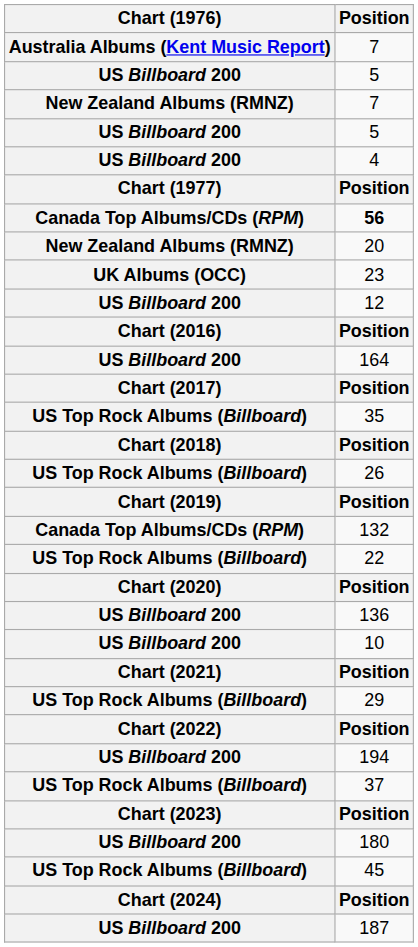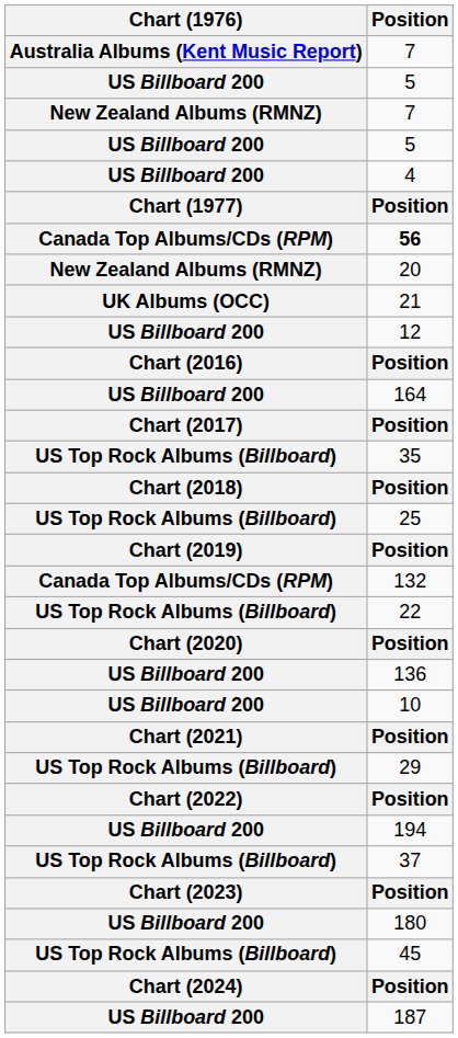 <table class="wikitable plainrowheaders" style="text-align:center">
 <tr>
 <th scope="col">Chart (1976)</th>
 <th scope="col">Position</th>
 </tr>
 <tr>
 <th scope="row">Australia Albums (<a href='#'>Kent Music Report</a>)</th>
 <td>7</td>
 </tr>
 <tr>
 <th scope="row">US <em>Billboard</em> 200</th>
 <td>5</td>
 </tr>
 <tr>
 <th scope="row">New Zealand Albums (RMNZ)</th>
 <td>7</td>
 </tr>
 <tr>
 <th scope="row">US <em>Billboard</em> 200</th>
 <td>5</td>
 </tr>
 <tr>
 <th scope="row">US <em>Billboard</em> 200</th>
 <td>4</td>
 </tr>
 <tr>
 <th>Chart (1977)</th>
 <th>Position</th>
 </tr>
 <tr>
 <th scope="row">Canada Top Albums/CDs (<em>RPM</em>)</th>
 <td><strong>56</strong></td>
 </tr>
 <tr>
 <th scope="row">New Zealand Albums (RMNZ)</th>
 <td>20</td>
 </tr>
 <tr>
 <th scope="row">UK Albums (OCC)</th>
-<td>23</td>
+<td>21</td>
 </tr>
 <tr>
 <th scope="row">US <em>Billboard</em> 200</th>
 <td>12</td>
 </tr>
 <tr>
 <th>Chart (2016)</th>
 <th>Position</th>
 </tr>
 <tr>
 <th scope="row">US <em>Billboard</em> 200</th>
 <td>164</td>
 </tr>
 <tr>
 <th>Chart (2017)</th>
 <th>Position</th>
 </tr>
 <tr>
 <th scope="row">US Top Rock Albums (<em>Billboard</em>)</th>
 <td>35</td>
 </tr>
 <tr>
 <th>Chart (2018)</th>
 <th>Position</th>
 </tr>
 <tr>
 <th scope="row">US Top Rock Albums (<em>Billboard</em>)</th>
-<td>26</td>
+<td>25</td>
 </tr>
 <tr>
 <th>Chart (2019)</th>
 <th>Position</th>
 </tr>
 <tr>
 <th scope="row">Canada Top Albums/CDs (<em>RPM</em>)</th>
 <td>132</td>
 </tr>
 <tr>
 <th scope="row">US Top Rock Albums (<em>Billboard</em>)</th>
 <td>22</td>
 </tr>
 <tr>
 <th>Chart (2020)</th>
 <th>Position</th>
 </tr>
 <tr>
 <th scope="row">US <em>Billboard</em> 200</th>
 <td>136</td>
 </tr>
 <tr>
 <th scope="row">US <em>Billboard</em> 200</th>
 <td>10</td>
 </tr>
 <tr>
 <th>Chart (2021)</th>
 <th>Position</th>
 </tr>
 <tr>
 <th scope="row">US Top Rock Albums (<em>Billboard</em>)</th>
 <td>29</td>
 </tr>
 <tr>
 <th>Chart (2022)</th>
 <th>Position</th>
 </tr>
 <tr>
 <th scope="row">US <em>Billboard</em> 200</th>
 <td>194</td>
 </tr>
 <tr>
 <th scope="row">US Top Rock Albums (<em>Billboard</em>)</th>
 <td>37</td>
 </tr>
 <tr>
 <th>Chart (2023)</th>
 <th>Position</th>
 </tr>
 <tr>
 <th scope="row">US <em>Billboard</em> 200</th>
 <td>180</td>
 </tr>
 <tr>
 <th scope="row">US Top Rock Albums (<em>Billboard</em>)</th>
 <td>45</td>
 </tr>
 <tr>
 <th>Chart (2024)</th>
 <th>Position</th>
 </tr>
 <tr>
 <th scope="row">US <em>Billboard</em> 200</th>
 <td>187</td>
 </tr>
 </table>
